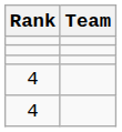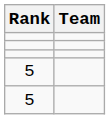 <table class="wikitable" border="1">
 <tr>
 <th>Rank</th>
 <th>Team</th>
 </tr>
 <tr>
 <td align=center></td>
 <td></td>
 </tr>
 <tr>
 <td align=center></td>
 <td></td>
 </tr>
 <tr>
 <td align=center></td>
 <td></td>
 </tr>
 <tr>
-<td align=center>4</td>
+<td align=center>5</td>
 <td></td>
 </tr>
 <tr>
-<td align=center>4</td>
+<td align=center>5</td>
 <td></td>
 </tr>
 </table>
